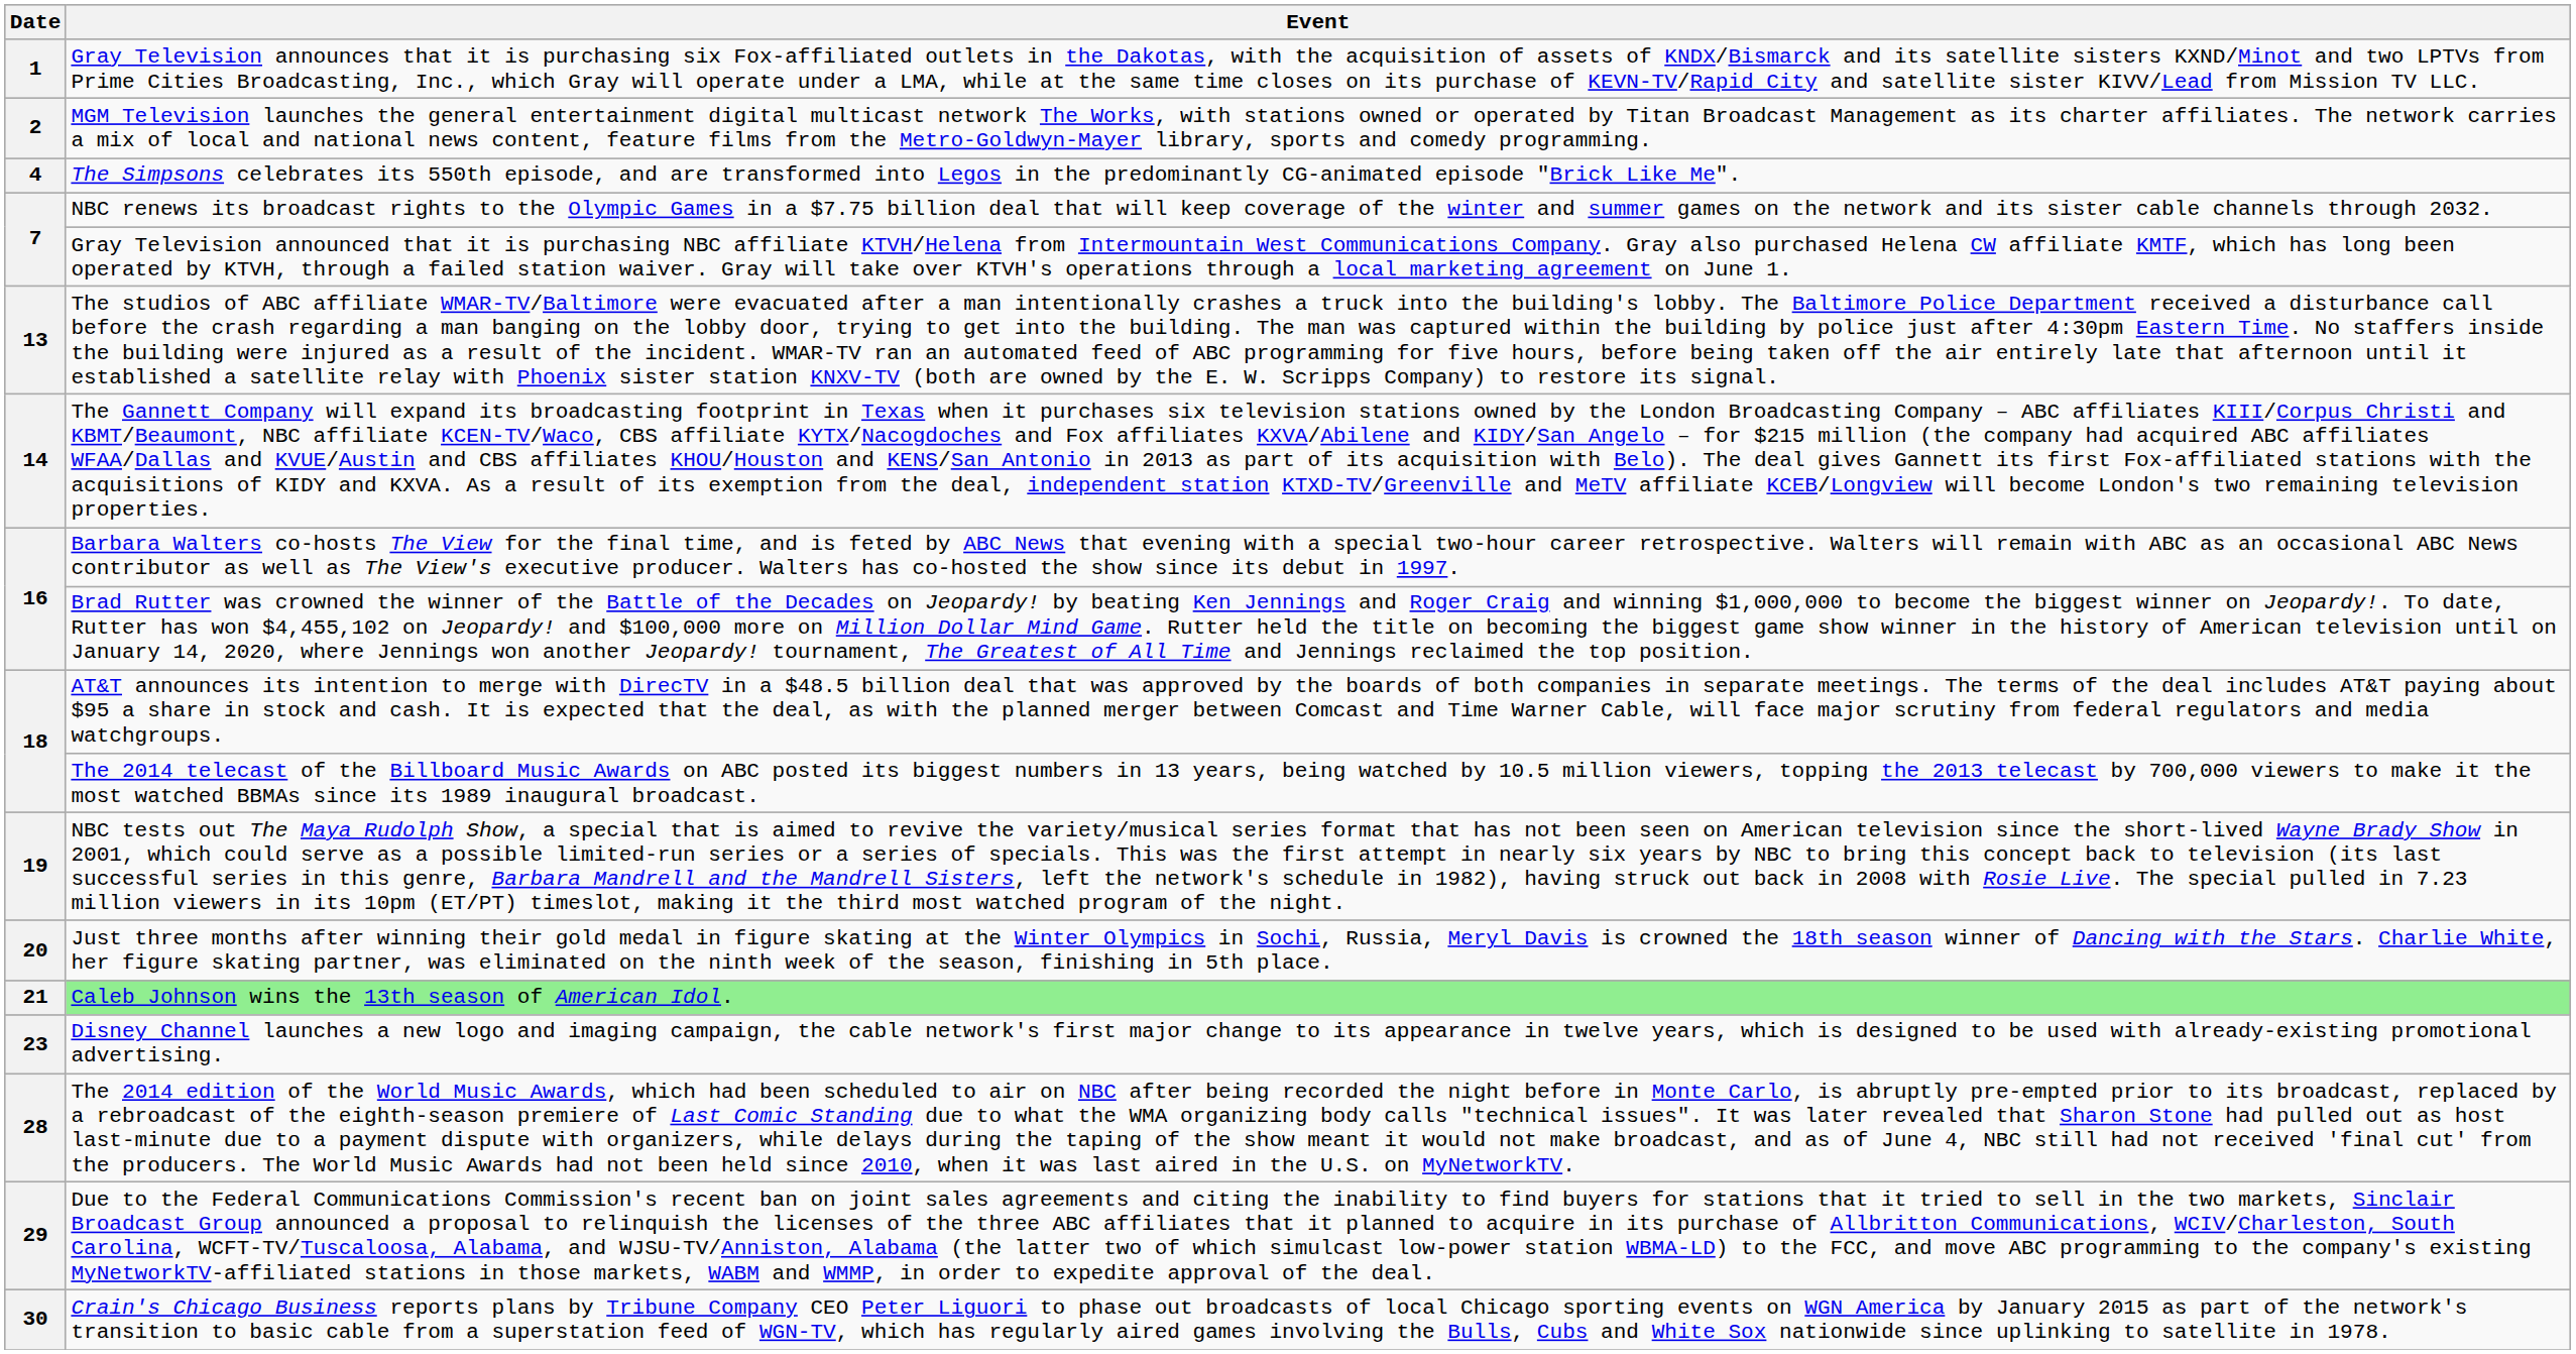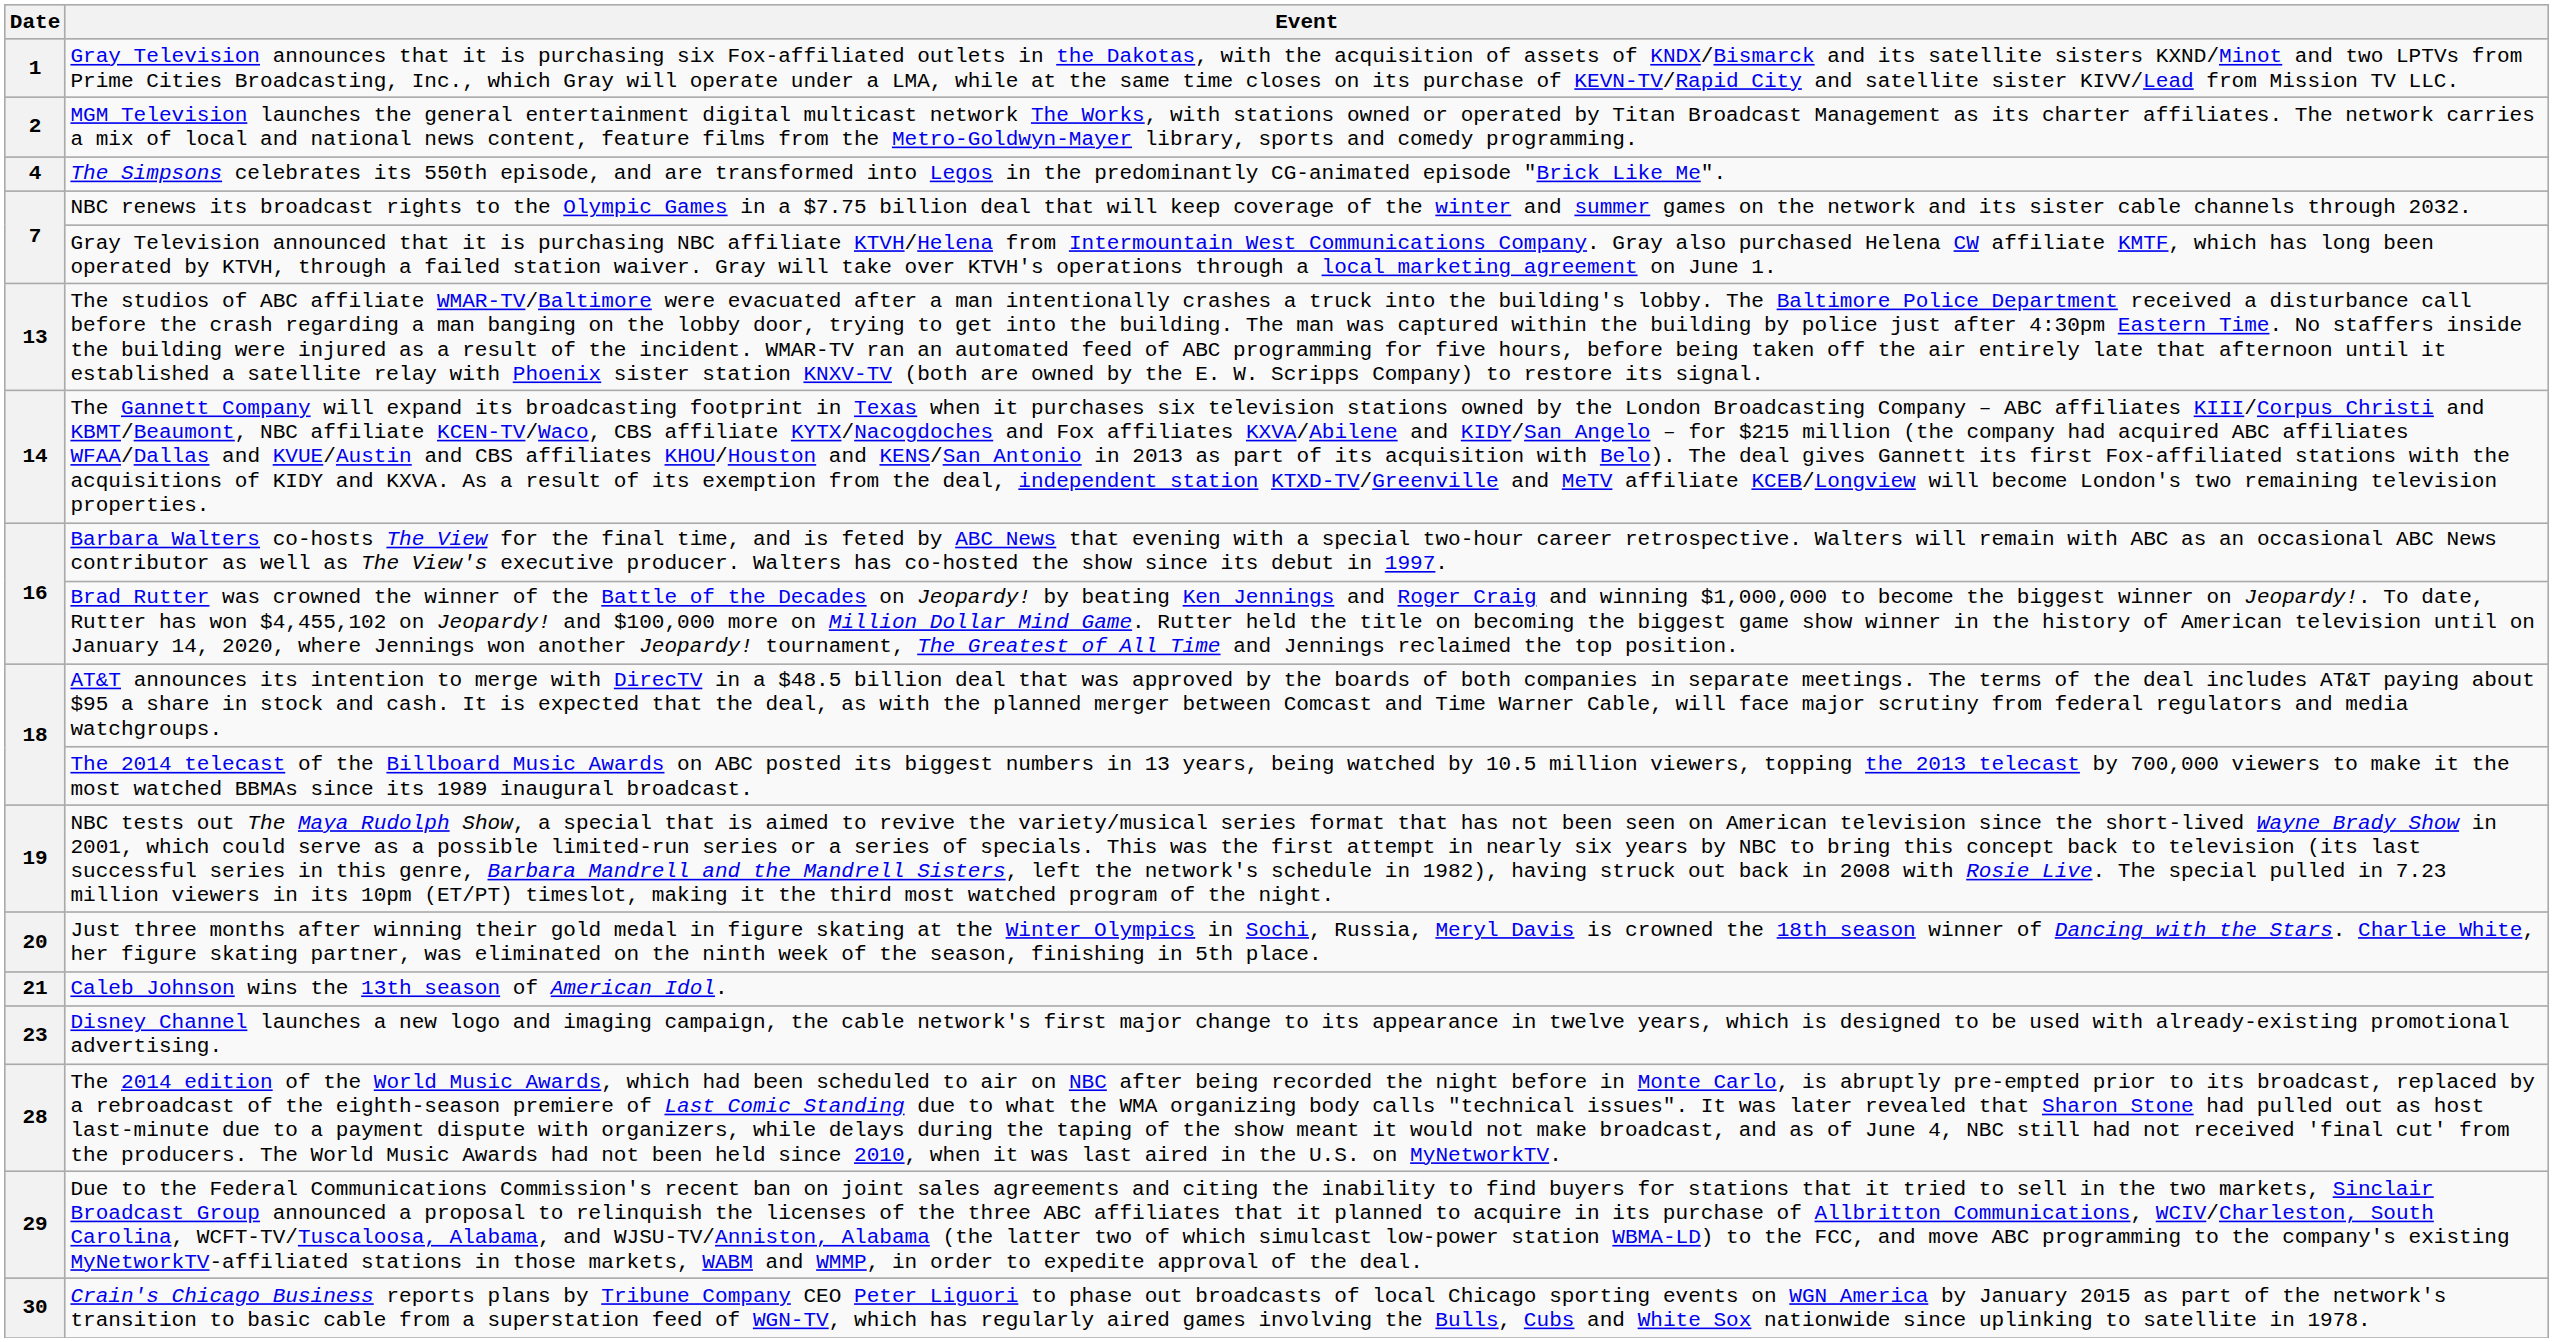 <table class="wikitable">
 <tr>
 <th>Date</th>
 <th>Event</th>
 </tr>
 <tr>
 <th>1</th>
 <td><a href='#'>Gray Television</a> announces that it is purchasing six Fox-affiliated outlets in <a href='#'>the Dakotas</a>, with the acquisition of assets of <a href='#'>KNDX</a>/<a href='#'>Bismarck</a> and its satellite sisters KXND/<a href='#'>Minot</a> and two LPTVs from Prime Cities Broadcasting, Inc., which Gray will operate under a LMA, while at the same time closes on its purchase of <a href='#'>KEVN-TV</a>/<a href='#'>Rapid City</a> and satellite sister KIVV/<a href='#'>Lead</a> from Mission TV LLC.</td>
 </tr>
 <tr>
 <th>2</th>
 <td><a href='#'>MGM Television</a> launches the general entertainment digital multicast network <a href='#'>The Works</a>, with stations owned or operated by Titan Broadcast Management as its charter affiliates. The network carries a mix of local and national news content, feature films from the <a href='#'>Metro-Goldwyn-Mayer</a> library, sports and comedy programming.</td>
 </tr>
 <tr>
 <th>4</th>
 <td><em><a href='#'>The Simpsons</a></em> celebrates its 550th episode, and are transformed into <a href='#'>Legos</a> in the predominantly CG-animated episode "<a href='#'>Brick Like Me</a>".</td>
 </tr>
 <tr>
 <th rowspan=2>7</th>
 <td>NBC renews its broadcast rights to the <a href='#'>Olympic Games</a> in a $7.75 billion deal that will keep coverage of the <a href='#'>winter</a> and <a href='#'>summer</a> games on the network and its sister cable channels through 2032.</td>
 </tr>
 <tr>
 <td>Gray Television announced that it is purchasing NBC affiliate <a href='#'>KTVH</a>/<a href='#'>Helena</a> from <a href='#'>Intermountain West Communications Company</a>. Gray also purchased Helena <a href='#'>CW</a> affiliate <a href='#'>KMTF</a>, which has long been operated by KTVH, through a failed station waiver. Gray will take over KTVH's operations through a <a href='#'>local marketing agreement</a> on June 1.</td>
 </tr>
 <tr>
 <th>13</th>
 <td>The studios of ABC affiliate <a href='#'>WMAR-TV</a>/<a href='#'>Baltimore</a> were evacuated after a man intentionally crashes a truck into the building's lobby. The <a href='#'>Baltimore Police Department</a> received a disturbance call before the crash regarding a man banging on the lobby door, trying to get into the building. The man was captured within the building by police just after 4:30pm <a href='#'>Eastern Time</a>. No staffers inside the building were injured as a result of the incident. WMAR-TV ran an automated feed of ABC programming for five hours, before being taken off the air entirely late that afternoon until it established a satellite relay with <a href='#'>Phoenix</a> sister station <a href='#'>KNXV-TV</a> (both are owned by the E. W. Scripps Company) to restore its signal.</td>
 </tr>
 <tr>
 <th>14</th>
 <td>The <a href='#'>Gannett Company</a> will expand its broadcasting footprint in <a href='#'>Texas</a> when it purchases six television stations owned by the London Broadcasting Company – ABC affiliates <a href='#'>KIII</a>/<a href='#'>Corpus Christi</a> and <a href='#'>KBMT</a>/<a href='#'>Beaumont</a>, NBC affiliate <a href='#'>KCEN-TV</a>/<a href='#'>Waco</a>, CBS affiliate <a href='#'>KYTX</a>/<a href='#'>Nacogdoches</a> and Fox affiliates <a href='#'>KXVA</a>/<a href='#'>Abilene</a> and <a href='#'>KIDY</a>/<a href='#'>San Angelo</a> – for $215 million (the company had acquired ABC affiliates <a href='#'>WFAA</a>/<a href='#'>Dallas</a> and <a href='#'>KVUE</a>/<a href='#'>Austin</a> and CBS affiliates <a href='#'>KHOU</a>/<a href='#'>Houston</a> and <a href='#'>KENS</a>/<a href='#'>San Antonio</a> in 2013 as part of its acquisition with <a href='#'>Belo</a>). The deal gives Gannett its first Fox-affiliated stations with the acquisitions of KIDY and KXVA. As a result of its exemption from the deal, <a href='#'>independent station</a> <a href='#'>KTXD-TV</a>/<a href='#'>Greenville</a> and <a href='#'>MeTV</a> affiliate <a href='#'>KCEB</a>/<a href='#'>Longview</a> will become London's two remaining television properties.</td>
 </tr>
 <tr>
 <th rowspan=2>16</th>
 <td><a href='#'>Barbara Walters</a> co-hosts <em><a href='#'>The View</a></em> for the final time, and is feted by <a href='#'>ABC News</a> that evening with a special two-hour career retrospective. Walters will remain with ABC as an occasional ABC News contributor as well as <em>The View's</em> executive producer. Walters has co-hosted the show since its debut in <a href='#'>1997</a>.</td>
 </tr>
 <tr>
 <td><a href='#'>Brad Rutter</a> was crowned the winner of the <a href='#'>Battle of the Decades</a> on <em>Jeopardy!</em> by beating <a href='#'>Ken Jennings</a> and <a href='#'>Roger Craig</a> and winning $1,000,000 to become the biggest winner on <em>Jeopardy!</em>. To date, Rutter has won $4,455,102 on <em>Jeopardy!</em> and $100,000 more on <em><a href='#'>Million Dollar Mind Game</a></em>. Rutter held the title on becoming the biggest game show winner in the history of American television until on January 14, 2020, where Jennings won another <em>Jeopardy!</em> tournament, <em><a href='#'>The Greatest of All Time</a></em> and Jennings reclaimed the top position.</td>
 </tr>
 <tr>
 <th rowspan="2">18</th>
 <td><a href='#'>AT&T</a> announces its intention to merge with <a href='#'>DirecTV</a> in a $48.5 billion deal that was approved by the boards of both companies in separate meetings. The terms of the deal includes AT&T paying about $95 a share in stock and cash. It is expected that the deal, as with the planned merger between Comcast and Time Warner Cable, will face major scrutiny from federal regulators and media watchgroups.</td>
 </tr>
 <tr>
 <td><a href='#'>The 2014 telecast</a> of the <a href='#'>Billboard Music Awards</a> on ABC posted its biggest numbers in 13 years, being watched by 10.5 million viewers, topping <a href='#'>the 2013 telecast</a> by 700,000 viewers to make it the most watched BBMAs since its 1989 inaugural broadcast.</td>
 </tr>
 <tr>
 <th>19</th>
 <td>NBC tests out <em>The <a href='#'>Maya Rudolph</a> Show</em>, a special that is aimed to revive the variety/musical series format that has not been seen on American television since the short-lived <em><a href='#'>Wayne Brady Show</a></em> in 2001, which could serve as a possible limited-run series or a series of specials. This was the first attempt in nearly six years by NBC to bring this concept back to television (its last successful series in this genre, <em><a href='#'>Barbara Mandrell and the Mandrell Sisters</a></em>, left the network's schedule in 1982), having struck out back in 2008 with <em><a href='#'>Rosie Live</a></em>. The special pulled in 7.23 million viewers in its 10pm (ET/PT) timeslot, making it the third most watched program of the night.</td>
 </tr>
 <tr>
 <th>20</th>
 <td>Just three months after winning their gold medal in figure skating at the <a href='#'>Winter Olympics</a> in <a href='#'>Sochi</a>, Russia, <a href='#'>Meryl Davis</a> is crowned the <a href='#'>18th season</a> winner of <em><a href='#'>Dancing with the Stars</a></em>. <a href='#'>Charlie White</a>, her figure skating partner, was eliminated on the ninth week of the season, finishing in 5th place.</td>
 </tr>
 <tr>
 <th>21</th>
-<td style="background: lightgreen;"><a href='#'>Caleb Johnson</a> wins the <a href='#'>13th season</a> of <em><a href='#'>American Idol</a></em>.</td>
+<td><a href='#'>Caleb Johnson</a> wins the <a href='#'>13th season</a> of <em><a href='#'>American Idol</a></em>.</td>
 </tr>
 <tr>
 <th>23</th>
 <td><a href='#'>Disney Channel</a> launches a new logo and imaging campaign, the cable network's first major change to its appearance in twelve years, which is designed to be used with already-existing promotional advertising.</td>
 </tr>
 <tr>
 <th>28</th>
 <td>The <a href='#'>2014 edition</a> of the <a href='#'>World Music Awards</a>, which had been scheduled to air on <a href='#'>NBC</a> after being recorded the night before in <a href='#'>Monte Carlo</a>, is abruptly pre-empted prior to its broadcast, replaced by a rebroadcast of the eighth-season premiere of <em><a href='#'>Last Comic Standing</a></em> due to what the WMA organizing body calls "technical issues". It was later revealed that <a href='#'>Sharon Stone</a> had pulled out as host last-minute due to a payment dispute with organizers, while delays during the taping of the show meant it would not make broadcast, and as of June 4, NBC still had not received 'final cut' from the producers. The World Music Awards had not been held since <a href='#'>2010</a>, when it was last aired in the U.S. on <a href='#'>MyNetworkTV</a>.</td>
 </tr>
 <tr>
 <th>29</th>
 <td>Due to the Federal Communications Commission's recent ban on joint sales agreements and citing the inability to find buyers for stations that it tried to sell in the two markets, <a href='#'>Sinclair Broadcast Group</a> announced a proposal to relinquish the licenses of the three ABC affiliates that it planned to acquire in its purchase of <a href='#'>Allbritton Communications</a>, <a href='#'>WCIV</a>/<a href='#'>Charleston, South Carolina</a>, WCFT-TV/<a href='#'>Tuscaloosa, Alabama</a>, and WJSU-TV/<a href='#'>Anniston, Alabama</a> (the latter two of which simulcast low-power station <a href='#'>WBMA-LD</a>) to the FCC, and move ABC programming to the company's existing <a href='#'>MyNetworkTV</a>-affiliated stations in those markets, <a href='#'>WABM</a> and <a href='#'>WMMP</a>, in order to expedite approval of the deal.</td>
 </tr>
 <tr>
 <th>30</th>
 <td><em><a href='#'>Crain's Chicago Business</a></em> reports plans by <a href='#'>Tribune Company</a> CEO <a href='#'>Peter Liguori</a> to phase out broadcasts of local Chicago sporting events on <a href='#'>WGN America</a> by January 2015 as part of the network's transition to basic cable from a superstation feed of <a href='#'>WGN-TV</a>, which has regularly aired games involving the <a href='#'>Bulls</a>, <a href='#'>Cubs</a> and <a href='#'>White Sox</a> nationwide since uplinking to satellite in 1978.</td>
 </tr>
 </table>
